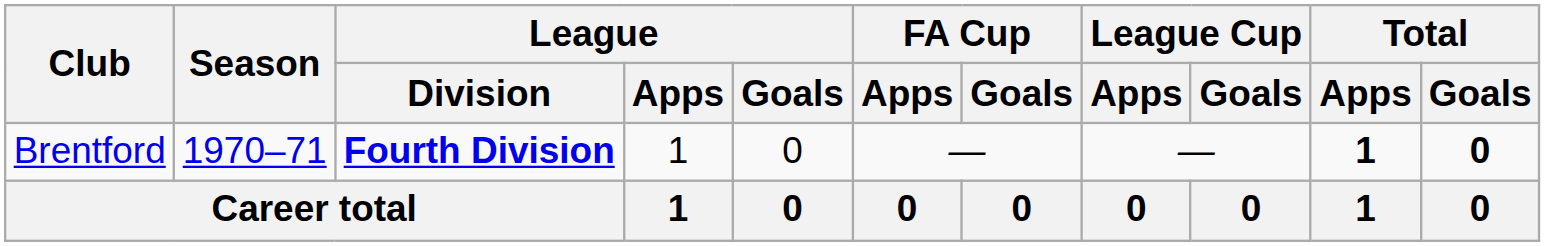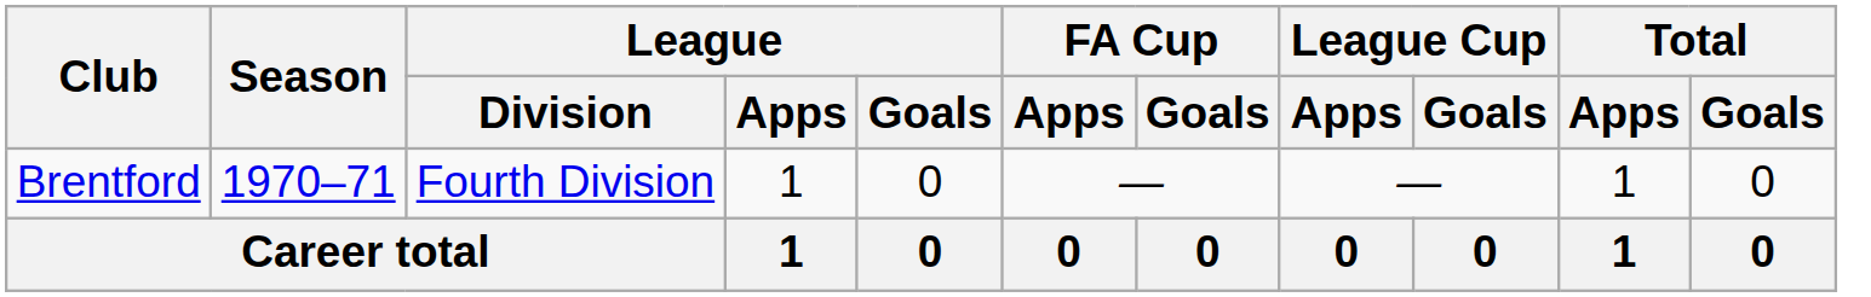 <table class="wikitable" style="text-align: center;">
 <tr>
 <th rowspan="2">Club</th>
 <th rowspan="2">Season</th>
 <th colspan="3">League</th>
 <th colspan="2">FA Cup</th>
 <th colspan="2">League Cup</th>
 <th colspan="2">Total</th>
 </tr>
 <tr>
 <th>Division</th>
 <th>Apps</th>
 <th>Goals</th>
 <th>Apps</th>
 <th>Goals</th>
 <th>Apps</th>
 <th>Goals</th>
 <th>Apps</th>
 <th>Goals</th>
 </tr>
 <tr>
 <td><a href='#'>Brentford</a></td>
 <td><a href='#'>1970–71</a></td>
-<td><strong><a href='#'>Fourth Division</a></strong></td>
+<td><a href='#'>Fourth Division</a></td>
 <td>1</td>
 <td>0</td>
 <td colspan="2"><em>—</em></td>
 <td colspan="2"><em>—</em></td>
-<td><strong>1</strong></td>
-<td><strong>0</strong></td>
+<td>1</td>
+<td>0</td>
 </tr>
 <tr>
 <th colspan="3">Career total</th>
 <th>1</th>
 <th>0</th>
 <th>0</th>
 <th>0</th>
 <th>0</th>
 <th>0</th>
 <th>1</th>
 <th>0</th>
 </tr>
 </table>
